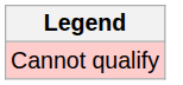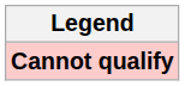 <table class="wikitable">
 <tr>
 <th>Legend</th>
 </tr>
 <tr bgcolor=#ffcccc>
-<td>Cannot qualify</td>
+<td><strong>Cannot qualify</strong></td>
 </tr>
 </table>
